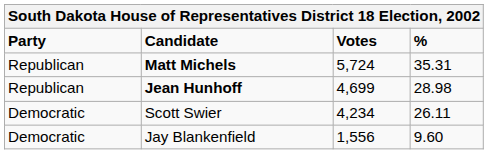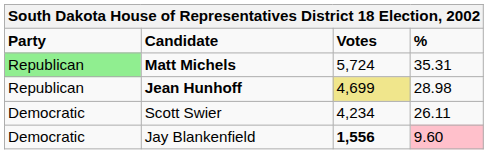 <table class="wikitable">
 <tr>
 <th colspan="4">South Dakota House of Representatives District 18 Election, 2002</th>
 </tr>
 <tr>
 <td><strong>Party</strong></td>
 <td><strong>Candidate</strong></td>
 <td><strong>Votes</strong></td>
 <td><strong>%</strong></td>
 </tr>
 <tr>
-<td>Republican</td>
+<td style="background: lightgreen;">Republican</td>
 <td><strong>Matt Michels</strong></td>
 <td>5,724</td>
 <td>35.31</td>
 </tr>
 <tr>
 <td>Republican</td>
 <td><strong>Jean Hunhoff</strong></td>
-<td>4,699</td>
+<td style="background: khaki;">4,699</td>
 <td>28.98</td>
 </tr>
 <tr>
 <td>Democratic</td>
 <td>Scott Swier</td>
 <td>4,234</td>
 <td>26.11</td>
 </tr>
 <tr>
 <td>Democratic</td>
 <td>Jay Blankenfield</td>
-<td>1,556</td>
-<td>9.60</td>
+<td><strong>1,556</strong></td>
+<td style="background: pink;">9.60</td>
 </tr>
 </table>
